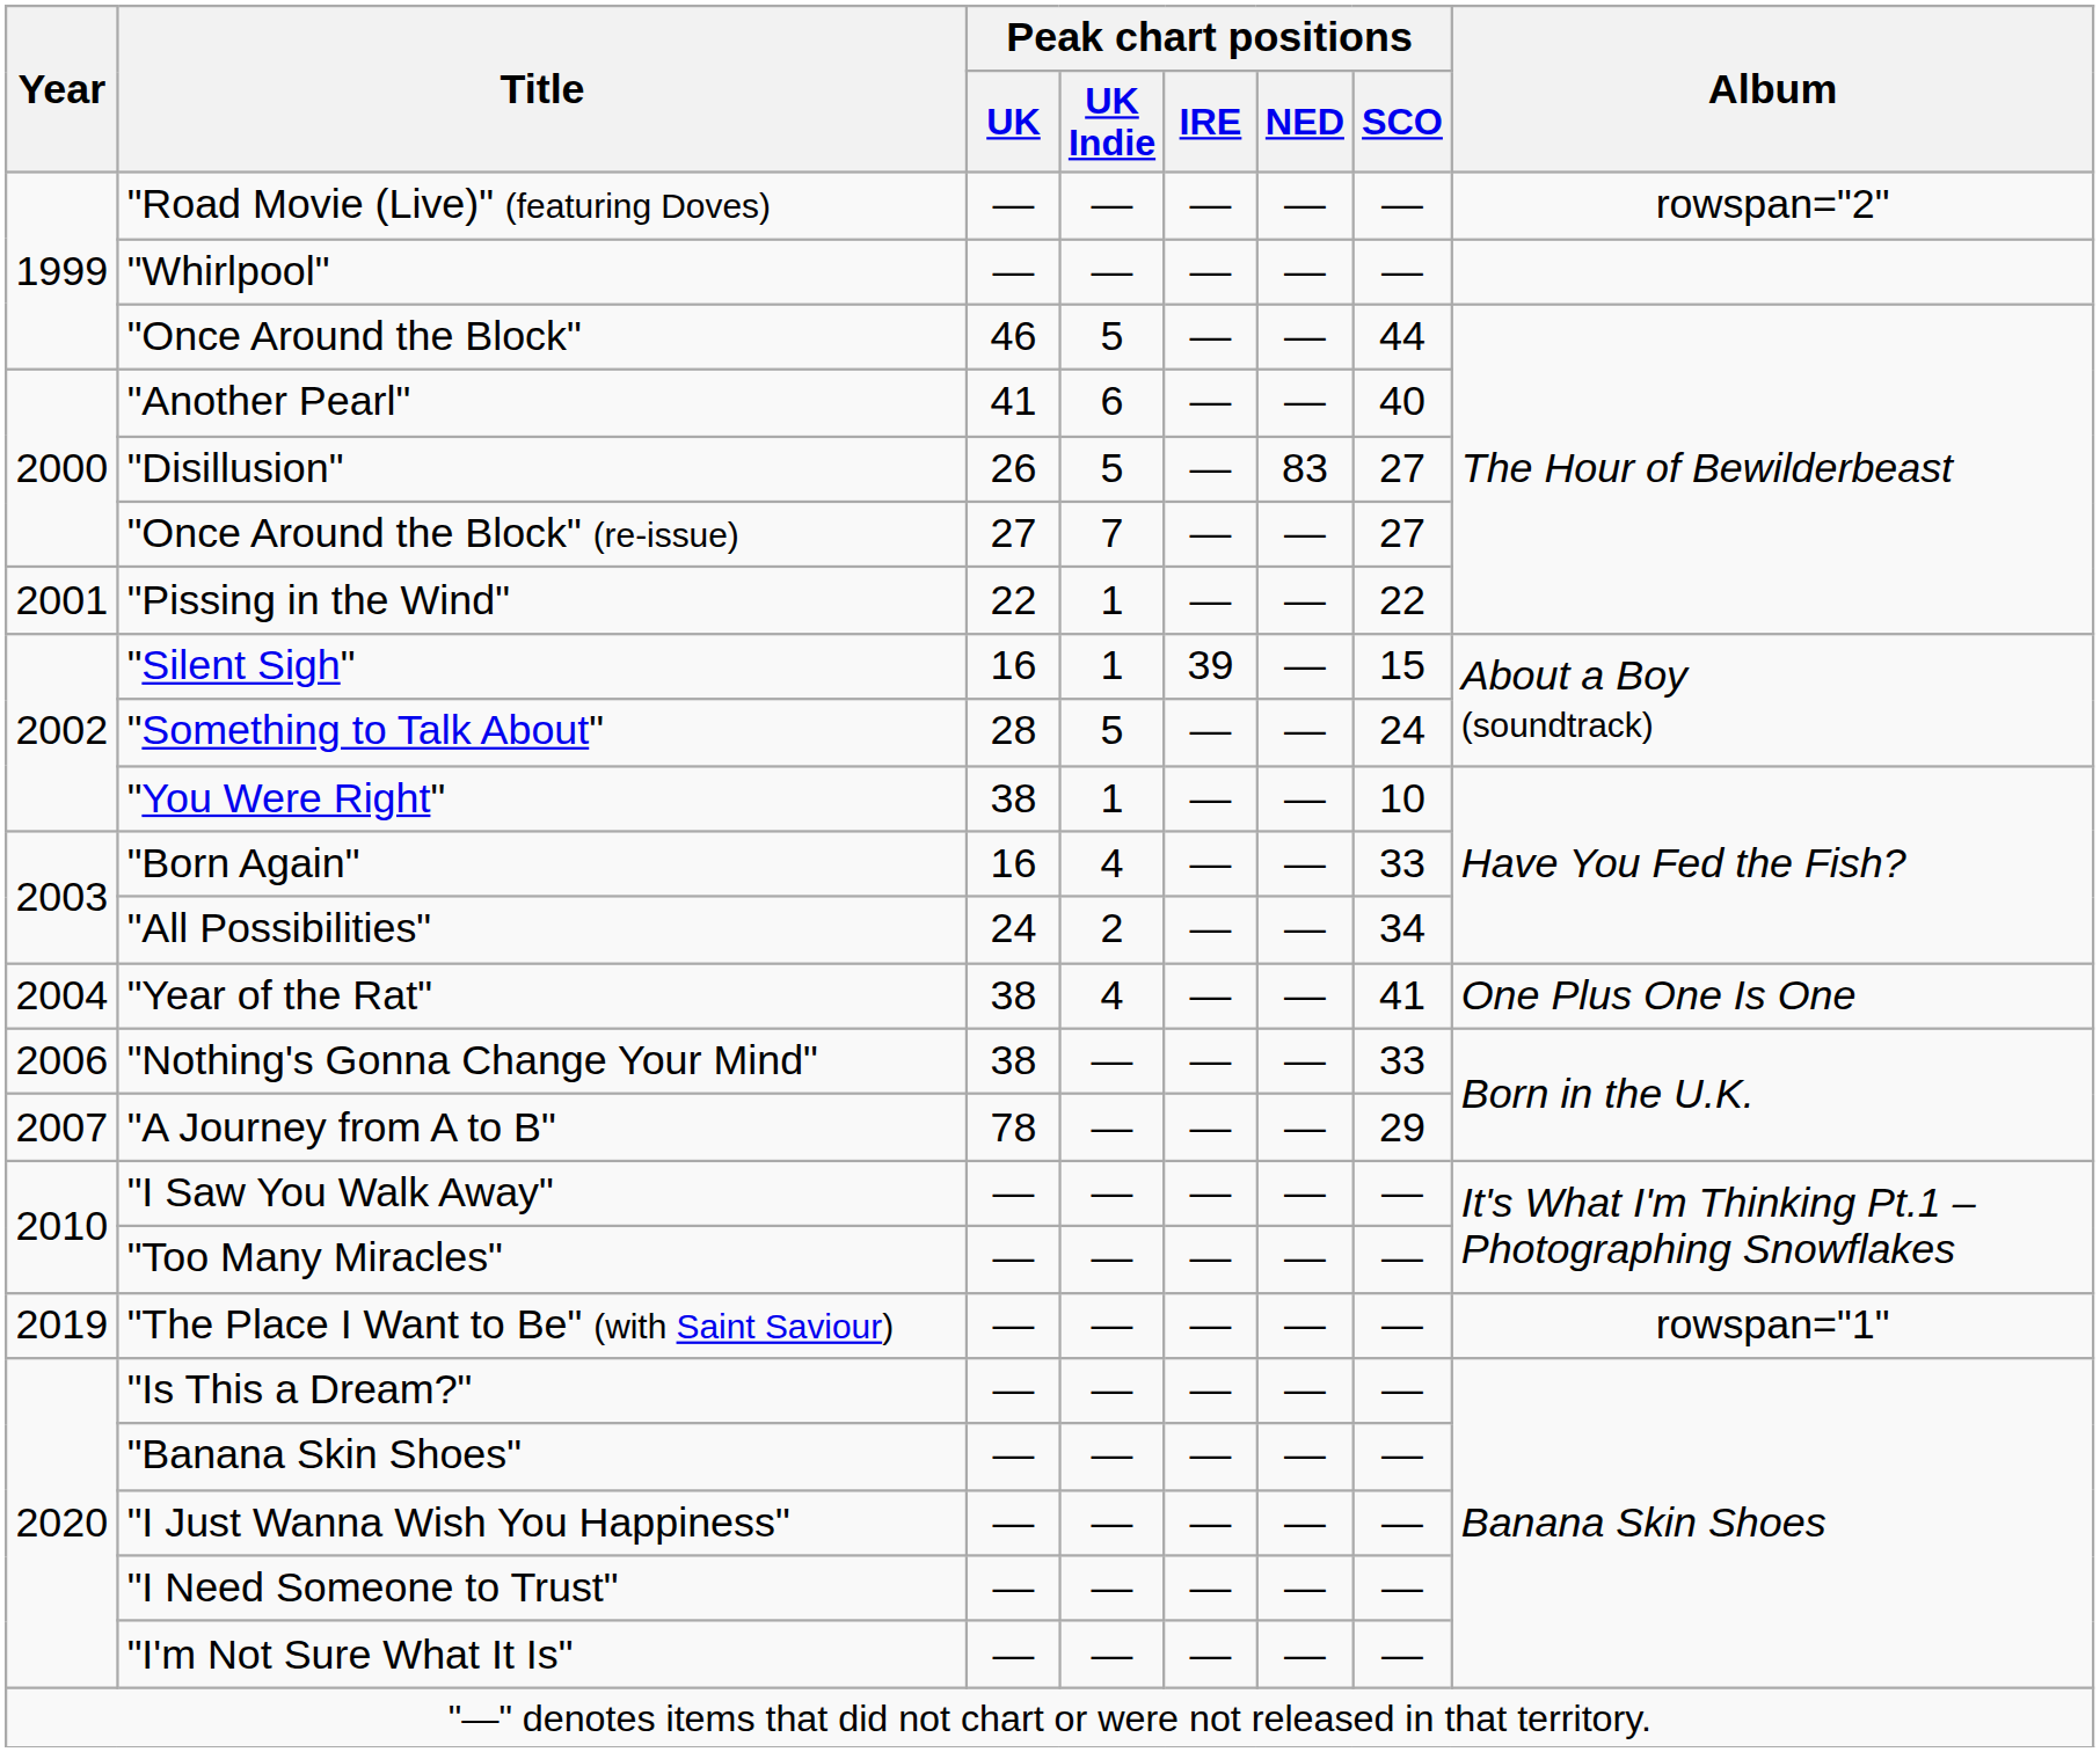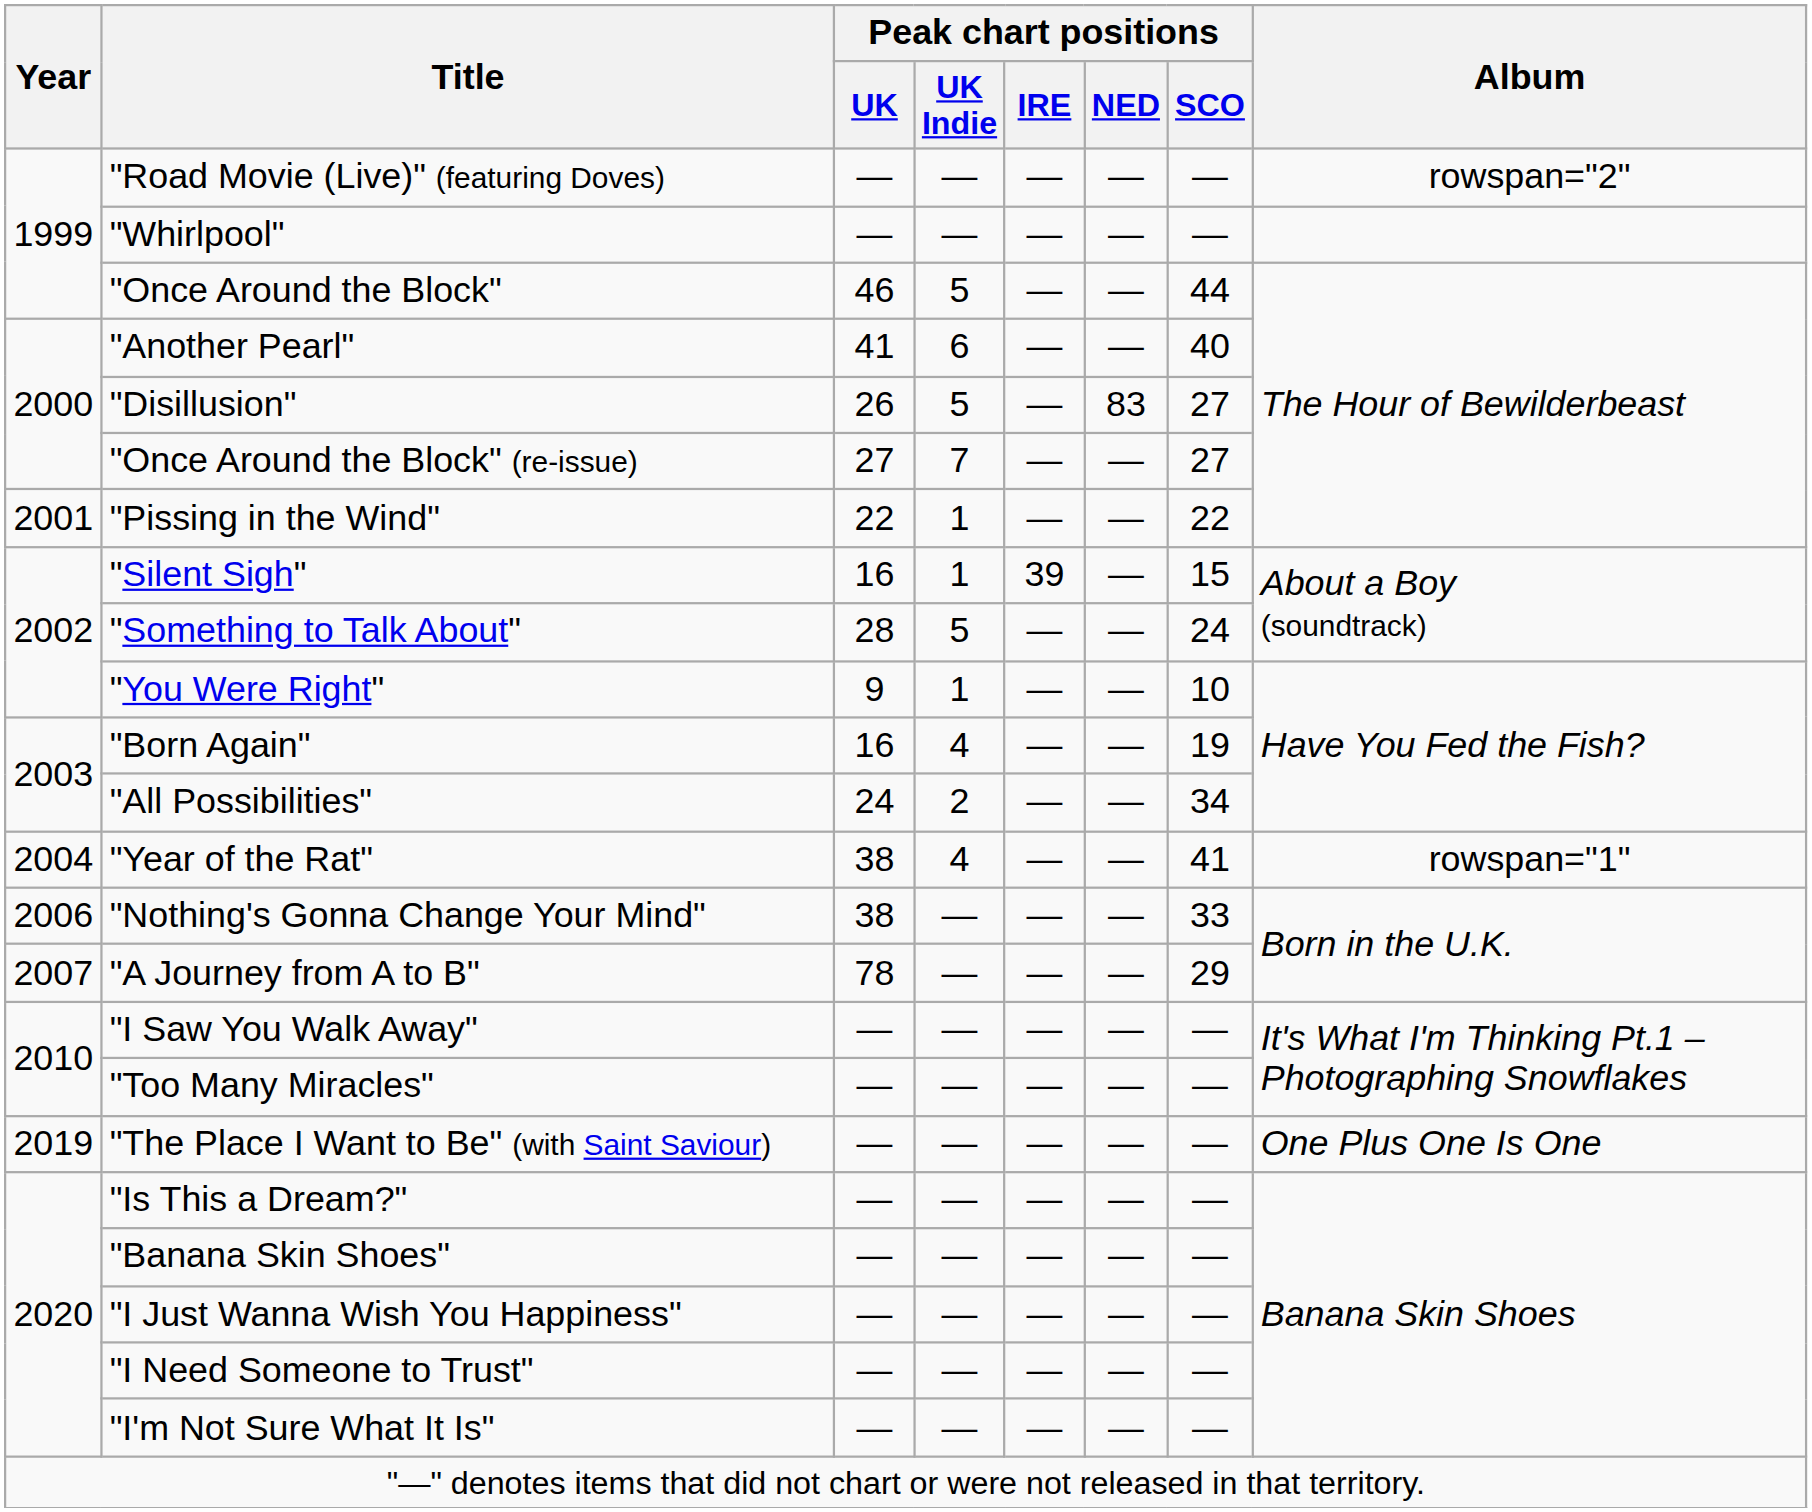 <table class="wikitable" style="text-align:center;">
 <tr>
 <th rowspan="2" style="width:2em;">Year</th>
 <th rowspan="2" style="width:20em;">Title</th>
 <th colspan="5">Peak chart positions</th>
 <th rowspan="2" style="width:15em;">Album</th>
 </tr>
 <tr>
 <th style="width:2em;font-size:90%;"><a href='#'>UK</a><br></th>
 <th style="width:2em;font-size:90%;"><a href='#'>UK<br>Indie</a><br></th>
 <th style="width:2em;font-size:90%;"><a href='#'>IRE</a><br></th>
 <th style="width:2em;font-size:90%;"><a href='#'>NED</a><br></th>
 <th style="width:2em;font-size:90%;"><a href='#'>SCO</a><br></th>
 </tr>
 <tr>
 <td rowspan="3">1999</td>
 <td style="text-align:left;">"Road Movie (Live)" <small>(featuring Doves)</small></td>
 <td>—</td>
 <td>—</td>
 <td>—</td>
 <td>—</td>
 <td>—</td>
 <td>rowspan="2" </td>
 </tr>
 <tr>
 <td style="text-align:left;">"Whirlpool"</td>
 <td>—</td>
 <td>—</td>
 <td>—</td>
 <td>—</td>
 <td>—</td>
 </tr>
 <tr>
 <td style="text-align:left;">"Once Around the Block"</td>
 <td>46</td>
 <td>5</td>
 <td>—</td>
 <td>—</td>
 <td>44</td>
 <td style="text-align:left;" rowspan="5"><em>The Hour of Bewilderbeast</em></td>
 </tr>
 <tr>
 <td rowspan="3">2000</td>
 <td style="text-align:left;">"Another Pearl"</td>
 <td>41</td>
 <td>6</td>
 <td>—</td>
 <td>—</td>
 <td>40</td>
 </tr>
 <tr>
 <td style="text-align:left;">"Disillusion"</td>
 <td>26</td>
 <td>5</td>
 <td>—</td>
 <td>83</td>
 <td>27</td>
 </tr>
 <tr>
 <td style="text-align:left;">"Once Around the Block" <small>(re-issue)</small></td>
 <td>27</td>
 <td>7</td>
 <td>—</td>
 <td>—</td>
 <td>27</td>
 </tr>
 <tr>
 <td>2001</td>
 <td style="text-align:left;">"Pissing in the Wind"</td>
 <td>22</td>
 <td>1</td>
 <td>—</td>
 <td>—</td>
 <td>22</td>
 </tr>
 <tr>
 <td rowspan="3">2002</td>
 <td style="text-align:left;">"<a href='#'>Silent Sigh</a>"</td>
 <td>16</td>
 <td>1</td>
 <td>39</td>
 <td>—</td>
 <td>15</td>
 <td style="text-align:left;" rowspan="2"><em>About a Boy</em><br><small>(soundtrack)</small></td>
 </tr>
 <tr>
 <td style="text-align:left;">"<a href='#'>Something to Talk About</a>"</td>
 <td>28</td>
 <td>5</td>
 <td>—</td>
 <td>—</td>
 <td>24</td>
 </tr>
 <tr>
 <td style="text-align:left;">"<a href='#'>You Were Right</a>"</td>
-<td>38</td>
+<td>9</td>
 <td>1</td>
 <td>—</td>
 <td>—</td>
 <td>10</td>
 <td style="text-align:left;" rowspan="3"><em>Have You Fed the Fish?</em></td>
 </tr>
 <tr>
 <td rowspan="2">2003</td>
 <td style="text-align:left;">"Born Again"</td>
 <td>16</td>
 <td>4</td>
 <td>—</td>
 <td>—</td>
-<td>33</td>
+<td>19</td>
 </tr>
 <tr>
 <td style="text-align:left;">"All Possibilities"</td>
 <td>24</td>
 <td>2</td>
 <td>—</td>
 <td>—</td>
 <td>34</td>
 </tr>
 <tr>
 <td>2004</td>
 <td style="text-align:left;">"Year of the Rat"</td>
 <td>38</td>
 <td>4</td>
 <td>—</td>
 <td>—</td>
 <td>41</td>
-<td style="text-align:left;"><em>One Plus One Is One</em></td>
+<td>rowspan="1" </td>
 </tr>
 <tr>
 <td>2006</td>
 <td style="text-align:left;">"Nothing's Gonna Change Your Mind"</td>
 <td>38</td>
 <td>—</td>
 <td>—</td>
 <td>—</td>
 <td>33</td>
 <td style="text-align:left;" rowspan="2"><em>Born in the U.K.</em></td>
 </tr>
 <tr>
 <td>2007</td>
 <td style="text-align:left;">"A Journey from A to B"</td>
 <td>78</td>
 <td>—</td>
 <td>—</td>
 <td>—</td>
 <td>29</td>
 </tr>
 <tr>
 <td rowspan="2">2010</td>
 <td style="text-align:left;">"I Saw You Walk Away"</td>
 <td>—</td>
 <td>—</td>
 <td>—</td>
 <td>—</td>
 <td>—</td>
 <td style="text-align:left;" rowspan="2"><em>It's What I'm Thinking Pt.1 –<br>Photographing Snowflakes</em></td>
 </tr>
 <tr>
 <td style="text-align:left;">"Too Many Miracles"</td>
 <td>—</td>
 <td>—</td>
 <td>—</td>
 <td>—</td>
 <td>—</td>
 </tr>
 <tr>
 <td>2019</td>
 <td style="text-align:left;">"The Place I Want to Be" <small>(with <a href='#'>Saint Saviour</a>)</small></td>
 <td>—</td>
 <td>—</td>
 <td>—</td>
 <td>—</td>
 <td>—</td>
-<td>rowspan="1" </td>
+<td style="text-align:left;"><em>One Plus One Is One</em></td>
 </tr>
 <tr>
 <td rowspan="5">2020</td>
 <td style="text-align:left;">"Is This a Dream?"</td>
 <td>—</td>
 <td>—</td>
 <td>—</td>
 <td>—</td>
 <td>—</td>
 <td style="text-align:left;" rowspan="5"><em>Banana Skin Shoes</em></td>
 </tr>
 <tr>
 <td style="text-align:left;">"Banana Skin Shoes"</td>
 <td>—</td>
 <td>—</td>
 <td>—</td>
 <td>—</td>
 <td>—</td>
 </tr>
 <tr>
 <td style="text-align:left;">"I Just Wanna Wish You Happiness"</td>
 <td>—</td>
 <td>—</td>
 <td>—</td>
 <td>—</td>
 <td>—</td>
 </tr>
 <tr>
 <td style="text-align:left;">"I Need Someone to Trust"</td>
 <td>—</td>
 <td>—</td>
 <td>—</td>
 <td>—</td>
 <td>—</td>
 </tr>
 <tr>
 <td style="text-align:left;">"I'm Not Sure What It Is"</td>
 <td>—</td>
 <td>—</td>
 <td>—</td>
 <td>—</td>
 <td>—</td>
 </tr>
 <tr>
 <td colspan="15" style="font-size:90%">"—" denotes items that did not chart or were not released in that territory.</td>
 </tr>
 <tr>
 </tr>
 </table>
